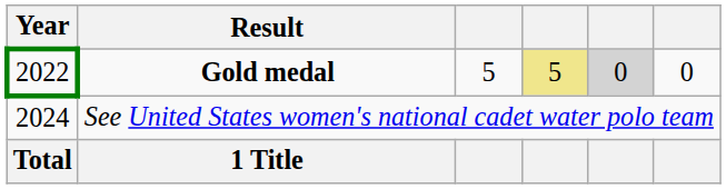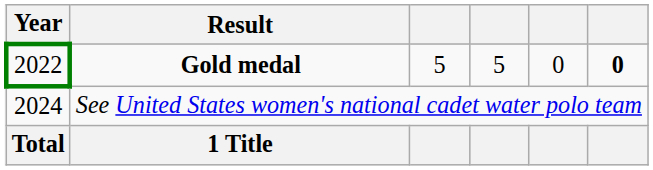 <table class="wikitable" style="text-align: center;">
 <tr>
 <th>Year</th>
 <th>Result</th>
 <th></th>
 <th></th>
 <th></th>
 <th></th>
 </tr>
 <tr>
 <td style="border: 3px solid green"> 2022</td>
 <td><strong> Gold medal</strong></td>
 <td>5</td>
-<td style="background: khaki;">5</td>
-<td style="background: lightgrey;">0</td>
+<td>5</td>
 <td>0</td>
+<td><strong>0</strong></td>
 </tr>
 <tr>
 <td> 2024</td>
 <td colspan=5><em>See <a href='#'>United States women's national cadet water polo team</a></em></td>
 </tr>
 <tr>
 <th>Total</th>
 <th>1 Title</th>
 <th></th>
 <th></th>
 <th></th>
 <th></th>
 </tr>
 </table>
